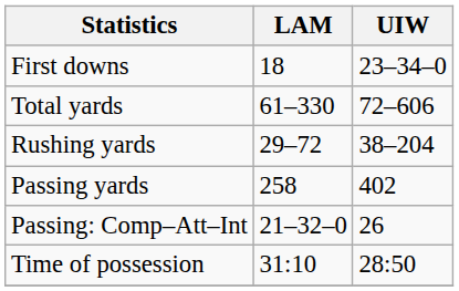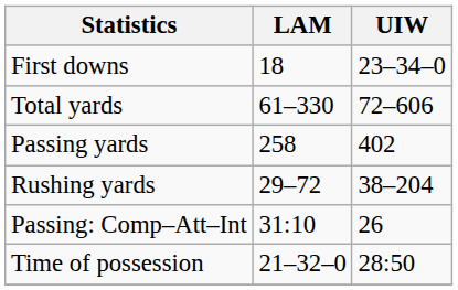 <table class="wikitable" style="float: left;">
 <tr>
 <th>Statistics</th>
 <th>LAM</th>
 <th>UIW</th>
 </tr>
 <tr>
 <td>First downs</td>
 <td>18</td>
 <td>23–34–0</td>
 </tr>
 <tr>
 <td>Total yards</td>
 <td>61–330</td>
 <td>72–606</td>
 </tr>
 <tr>
+<td>Passing yards</td>
+<td>258</td>
+<td>402</td>
+</tr>
+<tr>
 <td>Rushing yards</td>
 <td>29–72</td>
 <td>38–204</td>
 </tr>
 <tr>
-<td>Passing yards</td>
-<td>258</td>
-<td>402</td>
-</tr>
-<tr>
 <td>Passing: Comp–Att–Int</td>
-<td>21–32–0</td>
+<td>31:10</td>
 <td>26</td>
 </tr>
 <tr>
 <td>Time of possession</td>
-<td>31:10</td>
+<td>21–32–0</td>
 <td>28:50</td>
 </tr>
 <tr>
 </tr>
 </table>
